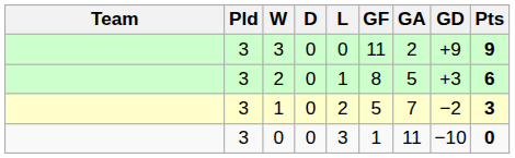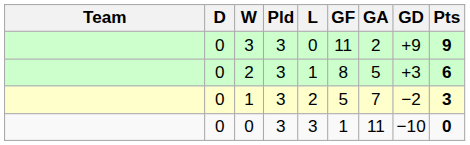 <table class="wikitable" style="text-align:center;">
 <tr>
 <th width=180>Team</th>
+<th width=20>D</th>
+<th width=20>W</th>
 <th width=20>Pld</th>
-<th width=20>W</th>
-<th width=20>D</th>
 <th width=20>L</th>
 <th width=20>GF</th>
 <th width=20>GA</th>
 <th width=20>GD</th>
 <th width=20>Pts</th>
 </tr>
 <tr bgcolor="ccffcc">
 <td align="left"></td>
+<td>0</td>
 <td>3</td>
 <td>3</td>
-<td>0</td>
 <td>0</td>
 <td>11</td>
 <td>2</td>
 <td>+9</td>
 <td><strong>9</strong></td>
 </tr>
 <tr bgcolor="ccffcc">
 <td align="left"></td>
+<td>0</td>
+<td>2</td>
 <td>3</td>
-<td>2</td>
-<td>0</td>
 <td>1</td>
 <td>8</td>
 <td>5</td>
 <td>+3</td>
 <td><strong>6</strong></td>
 </tr>
 <tr bgcolor="ffffcc">
 <td align="left"><em></em></td>
+<td>0</td>
+<td>1</td>
 <td>3</td>
-<td>1</td>
-<td>0</td>
 <td>2</td>
 <td>5</td>
 <td>7</td>
 <td>−2</td>
 <td><strong>3</strong></td>
 </tr>
 <tr>
 <td align="left"></td>
-<td>3</td>
 <td>0</td>
 <td>0</td>
+<td>3</td>
 <td>3</td>
 <td>1</td>
 <td>11</td>
 <td>−10</td>
 <td><strong>0</strong></td>
 </tr>
 </table>
